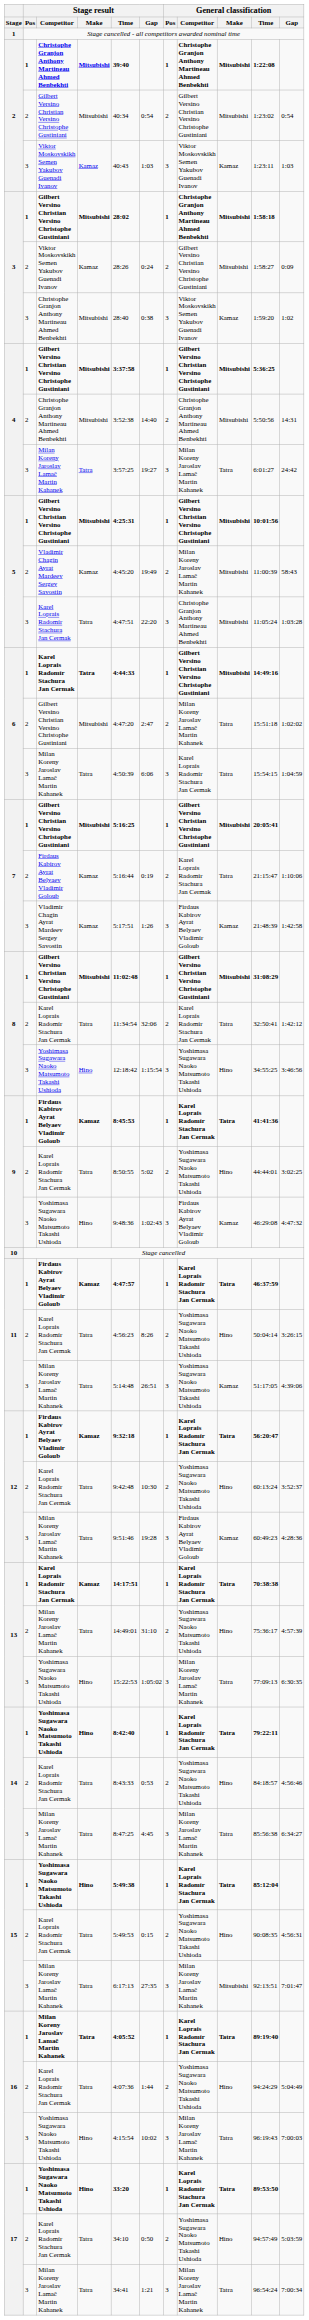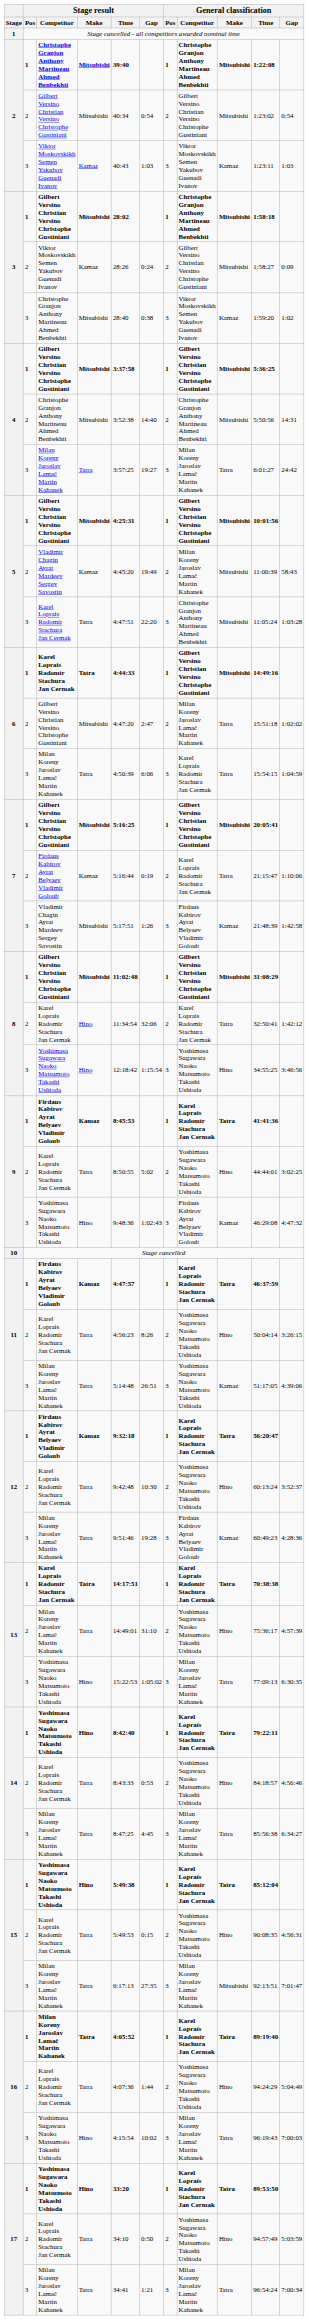 <table class="wikitable" style="font-size:97%;">
 <tr>
 <th></th>
 <th colspan=5><big>Stage result </big></th>
 <th colspan=5><big>General classification</big></th>
 </tr>
 <tr>
 <th width="40px">Stage</th>
 <th width="30px">Pos</th>
 <th width="170px">Competitor</th>
 <th width="50px">Make</th>
 <th width="40px">Time</th>
 <th width="40px">Gap</th>
 <th width="30px">Pos</th>
 <th width="170px">Competitor</th>
 <th width="50px">Make</th>
 <th width="40px">Time</th>
 <th width="40px">Gap</th>
 </tr>
 <tr>
 <th>1</th>
 <td colspan=10 align=center><em>Stage cancelled - all competitors awarded nominal time</em></td>
 </tr>
 <tr>
 <th rowspan=3>2</th>
 <td><strong>1</strong></td>
 <td><strong> <a href='#'>Christophe Granjon</a><br> <a href='#'>Anthony Martineau</a><br> <a href='#'>Ahmed Benbekhti</a></strong></td>
 <td><strong><a href='#'>Mitsubishi</a></strong></td>
 <td><strong>39:40</strong></td>
 <td></td>
 <td><strong>1</strong></td>
 <td><strong> Christophe Granjon<br> Anthony Martineau<br> Ahmed Benbekhti</strong></td>
 <td><strong>Mitsubishi</strong></td>
 <td><strong>1:22:08</strong></td>
 <td></td>
 </tr>
 <tr>
 <td>2</td>
 <td> <a href='#'>Gilbert Versino</a><br> <a href='#'>Christian Versino</a><br> <a href='#'>Christophe Gustiniani</a></td>
 <td>Mitsubishi</td>
 <td>40:34</td>
 <td>0:54</td>
 <td>2</td>
 <td> Gilbert Versino<br> Christian Versino<br> Christophe Gustiniani</td>
 <td>Mitsubishi</td>
 <td>1:23:02</td>
 <td>0:54</td>
 </tr>
 <tr>
 <td>3</td>
 <td> <a href='#'>Viktor Moskovskikh</a><br> <a href='#'>Semen Yakubov</a><br> <a href='#'>Guenadi Ivanov</a></td>
 <td><a href='#'>Kamaz</a></td>
 <td>40:43</td>
 <td>1:03</td>
 <td>3</td>
 <td> Viktor Moskovskikh<br> Semen Yakubov<br> Guenadi Ivanov</td>
 <td>Kamaz</td>
 <td>1:23:11</td>
 <td>1:03</td>
 </tr>
 <tr>
 <th rowspan=3>3</th>
 <td><strong>1</strong></td>
 <td><strong> Gilbert Versino<br> Christian Versino<br> Christophe Gustiniani</strong></td>
 <td><strong>Mitsubishi</strong></td>
 <td><strong>28:02</strong></td>
 <td></td>
 <td><strong>1</strong></td>
 <td><strong> Christophe Granjon<br> Anthony Martineau<br> Ahmed Benbekhti</strong></td>
 <td><strong>Mitsubishi</strong></td>
 <td><strong>1:58:18</strong></td>
 <td></td>
 </tr>
 <tr>
 <td>2</td>
 <td> Viktor Moskovskikh<br> Semen Yakubov<br> Guenadi Ivanov</td>
 <td>Kamaz</td>
 <td>28:26</td>
 <td>0:24</td>
 <td>2</td>
 <td> Gilbert Versino<br> Christian Versino<br> Christophe Gustiniani</td>
 <td>Mitsubishi</td>
 <td>1:58:27</td>
 <td>0:09</td>
 </tr>
 <tr>
 <td>3</td>
 <td> Christophe Granjon<br> Anthony Martineau<br> Ahmed Benbekhti</td>
 <td>Mitsubishi</td>
 <td>28:40</td>
 <td>0:38</td>
 <td>3</td>
 <td> Viktor Moskovskikh<br> Semen Yakubov<br> Guenadi Ivanov</td>
 <td>Kamaz</td>
 <td>1:59:20</td>
 <td>1:02</td>
 </tr>
 <tr>
 <th rowspan=3>4</th>
 <td><strong>1</strong></td>
 <td><strong> Gilbert Versino<br> Christian Versino<br> Christophe Gustiniani</strong></td>
 <td><strong>Mitsubishi</strong></td>
 <td><strong>3:37:58</strong></td>
 <td></td>
 <td><strong>1</strong></td>
 <td><strong> Gilbert Versino<br> Christian Versino<br> Christophe Gustiniani</strong></td>
 <td><strong>Mitsubishi</strong></td>
 <td><strong>5:36:25</strong></td>
 <td></td>
 </tr>
 <tr>
 <td>2</td>
 <td> Christophe Granjon<br> Anthony Martineau<br> Ahmed Benbekhti</td>
 <td>Mitsubishi</td>
 <td>3:52:38</td>
 <td>14:40</td>
 <td>2</td>
 <td> Christophe Granjon<br> Anthony Martineau<br> Ahmed Benbekhti</td>
 <td>Mitsubishi</td>
 <td>5:50:56</td>
 <td>14:31</td>
 </tr>
 <tr>
 <td>3</td>
 <td> <a href='#'>Milan Koreny</a><br> <a href='#'>Jaroslav Lamač</a><br> <a href='#'>Martin Kahanek</a></td>
 <td><a href='#'>Tatra</a></td>
 <td>3:57:25</td>
 <td>19:27</td>
 <td>3</td>
 <td> Milan Koreny<br> Jaroslav Lamač<br> Martin Kahanek</td>
 <td>Tatra</td>
 <td>6:01:27</td>
 <td>24:42</td>
 </tr>
 <tr>
 <th rowspan=3>5</th>
 <td><strong>1</strong></td>
 <td><strong> Gilbert Versino<br> Christian Versino<br> Christophe Gustiniani</strong></td>
 <td><strong>Mitsubishi</strong></td>
 <td><strong>4:25:31</strong></td>
 <td></td>
 <td><strong>1</strong></td>
 <td><strong> Gilbert Versino<br> Christian Versino<br> Christophe Gustiniani</strong></td>
 <td><strong>Mitsubishi</strong></td>
 <td><strong>10:01:56</strong></td>
 <td></td>
 </tr>
 <tr>
 <td>2</td>
 <td> <a href='#'>Vladimir Chagin</a><br> <a href='#'>Ayrat Mardeev</a><br> <a href='#'>Sergey Savostin</a></td>
 <td>Kamaz</td>
 <td>4:45:20</td>
 <td>19:49</td>
 <td>2</td>
 <td> Milan Koreny<br> Jaroslav Lamač<br> Martin Kahanek</td>
 <td>Mitsubishi</td>
 <td>11:00:39</td>
 <td>58:43</td>
 </tr>
 <tr>
 <td>3</td>
 <td> <a href='#'>Karel Loprais</a><br> <a href='#'>Radomír Stachura</a><br> <a href='#'>Jan Cermak</a></td>
 <td>Tatra</td>
 <td>4:47:51</td>
 <td>22:20</td>
 <td>3</td>
 <td> Christophe Granjon<br> Anthony Martineau<br> Ahmed Benbekhti</td>
 <td>Mitsubishi</td>
 <td>11:05:24</td>
 <td>1:03:28</td>
 </tr>
 <tr>
 <th rowspan=3>6</th>
 <td><strong>1</strong></td>
 <td><strong> Karel Loprais<br> Radomír Stachura<br> Jan Cermak</strong></td>
 <td><strong>Tatra</strong></td>
 <td><strong>4:44:33</strong></td>
 <td></td>
 <td><strong>1</strong></td>
 <td><strong> Gilbert Versino<br> Christian Versino<br> Christophe Gustiniani</strong></td>
 <td><strong>Mitsubishi</strong></td>
 <td><strong>14:49:16</strong></td>
 <td></td>
 </tr>
 <tr>
 <td>2</td>
 <td> Gilbert Versino<br> Christian Versino<br> Christophe Gustiniani</td>
 <td>Mitsubishi</td>
 <td>4:47:20</td>
 <td>2:47</td>
 <td>2</td>
 <td> Milan Koreny<br> Jaroslav Lamač<br> Martin Kahanek</td>
 <td>Tatra</td>
 <td>15:51:18</td>
 <td>1:02:02</td>
 </tr>
 <tr>
 <td>3</td>
 <td> Milan Koreny<br> Jaroslav Lamač<br> Martin Kahanek</td>
 <td>Tatra</td>
 <td>4:50:39</td>
 <td>6:06</td>
 <td>3</td>
 <td> Karel Loprais<br> Radomír Stachura<br> Jan Cermak</td>
 <td>Tatra</td>
 <td>15:54:15</td>
 <td>1:04:59</td>
 </tr>
 <tr>
 <th rowspan=3>7</th>
 <td><strong>1</strong></td>
 <td><strong> Gilbert Versino<br> Christian Versino<br> Christophe Gustiniani</strong></td>
 <td><strong>Mitsubishi</strong></td>
 <td><strong>5:16:25</strong></td>
 <td></td>
 <td><strong>1</strong></td>
 <td><strong> Gilbert Versino<br> Christian Versino<br> Christophe Gustiniani</strong></td>
 <td><strong>Mitsubishi</strong></td>
 <td><strong>20:05:41</strong></td>
 <td></td>
 </tr>
 <tr>
 <td>2</td>
 <td> <a href='#'>Firdaus Kabirov</a><br> <a href='#'>Ayrat Belyaev</a><br> <a href='#'>Vladimir Goloub</a></td>
 <td>Kamaz</td>
 <td>5:16:44</td>
 <td>0:19</td>
 <td>2</td>
 <td> Karel Loprais<br> Radomír Stachura<br> Jan Cermak</td>
 <td>Tatra</td>
 <td>21:15:47</td>
 <td>1:10:06</td>
 </tr>
 <tr>
 <td>3</td>
 <td> Vladimir Chagin<br> Ayrat Mardeev<br> Sergey Savostin</td>
-<td>Kamaz</td>
+<td>Mitsubishi</td>
 <td>5:17:51</td>
 <td>1:26</td>
 <td>3</td>
 <td> Firdaus Kabirov<br> Ayrat Belyaev<br> Vladimir Goloub</td>
 <td>Kamaz</td>
 <td>21:48:39</td>
 <td>1:42:58</td>
 </tr>
 <tr>
 <th rowspan=3>8</th>
 <td><strong>1</strong></td>
 <td><strong> Gilbert Versino<br> Christian Versino<br> Christophe Gustiniani</strong></td>
 <td><strong>Mitsubishi</strong></td>
 <td><strong>11:02:48</strong></td>
 <td></td>
 <td><strong>1</strong></td>
 <td><strong> Gilbert Versino<br> Christian Versino<br> Christophe Gustiniani</strong></td>
 <td><strong>Mitsubishi</strong></td>
 <td><strong>31:08:29</strong></td>
 <td></td>
 </tr>
 <tr>
 <td>2</td>
 <td> Karel Loprais<br> Radomír Stachura<br> Jan Cermak</td>
-<td>Tatra</td>
+<td><a href='#'>Hino</a></td>
 <td>11:34:54</td>
 <td>32:06</td>
 <td>2</td>
 <td> Karel Loprais<br> Radomír Stachura<br> Jan Cermak</td>
 <td>Tatra</td>
 <td>32:50:41</td>
 <td>1:42:12</td>
 </tr>
 <tr>
 <td>3</td>
 <td> <a href='#'>Yoshimasa Sugawara</a><br> <a href='#'>Naoko Matsumoto</a><br> <a href='#'>Takashi Ushioda</a></td>
 <td><a href='#'>Hino</a></td>
 <td>12:18:42</td>
 <td>1:15:54</td>
 <td>3</td>
 <td> Yoshimasa Sugawara<br> Naoko Matsumoto<br> Takashi Ushioda</td>
 <td>Hino</td>
 <td>34:55:25</td>
 <td>3:46:56</td>
 </tr>
 <tr>
 <th rowspan=3>9</th>
 <td><strong>1</strong></td>
 <td><strong> Firdaus Kabirov<br> Ayrat Belyaev<br> Vladimir Goloub</strong></td>
 <td><strong>Kamaz</strong></td>
 <td><strong>8:45:53</strong></td>
 <td></td>
 <td><strong>1</strong></td>
 <td><strong> Karel Loprais<br> Radomír Stachura<br> Jan Cermak</strong></td>
 <td><strong>Tatra</strong></td>
 <td><strong>41:41:36</strong></td>
 <td></td>
 </tr>
 <tr>
 <td>2</td>
 <td> Karel Loprais<br> Radomír Stachura<br> Jan Cermak</td>
 <td>Tatra</td>
 <td>8:50:55</td>
 <td>5:02</td>
 <td>2</td>
 <td> Yoshimasa Sugawara<br> Naoko Matsumoto<br> Takashi Ushioda</td>
 <td>Hino</td>
 <td>44:44:01</td>
 <td>3:02:25</td>
 </tr>
 <tr>
 <td>3</td>
 <td> Yoshimasa Sugawara<br> Naoko Matsumoto<br> Takashi Ushioda</td>
 <td>Hino</td>
 <td>9:48:36</td>
 <td>1:02:43</td>
 <td>3</td>
 <td> Firdaus Kabirov<br> Ayrat Belyaev<br> Vladimir Goloub</td>
 <td>Kamaz</td>
 <td>46:29:08</td>
 <td>4:47:32</td>
 </tr>
 <tr>
 <th>10</th>
 <td colspan=10 align=center><em>Stage cancelled</em></td>
 </tr>
 <tr>
 <th rowspan=3>11</th>
 <td><strong>1</strong></td>
 <td><strong> Firdaus Kabirov<br> Ayrat Belyaev<br> Vladimir Goloub</strong></td>
 <td><strong>Kamaz</strong></td>
 <td><strong>4:47:57</strong></td>
 <td></td>
 <td><strong>1</strong></td>
 <td><strong> Karel Loprais<br> Radomír Stachura<br> Jan Cermak</strong></td>
 <td><strong>Tatra</strong></td>
 <td><strong>46:37:59</strong></td>
 <td></td>
 </tr>
 <tr>
 <td>2</td>
 <td> Karel Loprais<br> Radomír Stachura<br> Jan Cermak</td>
 <td>Tatra</td>
 <td>4:56:23</td>
 <td>8:26</td>
 <td>2</td>
 <td> Yoshimasa Sugawara<br> Naoko Matsumoto<br> Takashi Ushioda</td>
 <td>Hino</td>
 <td>50:04:14</td>
 <td>3:26:15</td>
 </tr>
 <tr>
 <td>3</td>
 <td> Milan Koreny<br> Jaroslav Lamač<br> Martin Kahanek</td>
 <td>Tatra</td>
 <td>5:14:48</td>
 <td>26:51</td>
 <td>3</td>
 <td> Yoshimasa Sugawara<br> Naoko Matsumoto<br> Takashi Ushioda</td>
 <td>Kamaz</td>
 <td>51:17:05</td>
 <td>4:39:06</td>
 </tr>
 <tr>
 <th rowspan=3>12</th>
 <td><strong>1</strong></td>
 <td><strong> Firdaus Kabirov<br> Ayrat Belyaev<br> Vladimir Goloub</strong></td>
 <td><strong>Kamaz</strong></td>
 <td><strong>9:32:18</strong></td>
 <td></td>
 <td><strong>1</strong></td>
 <td><strong> Karel Loprais<br> Radomír Stachura<br> Jan Cermak</strong></td>
 <td><strong>Tatra</strong></td>
 <td><strong>56:20:47</strong></td>
 <td></td>
 </tr>
 <tr>
 <td>2</td>
 <td> Karel Loprais<br> Radomír Stachura<br> Jan Cermak</td>
 <td>Tatra</td>
 <td>9:42:48</td>
 <td>10:30</td>
 <td>2</td>
 <td> Yoshimasa Sugawara<br> Naoko Matsumoto<br> Takashi Ushioda</td>
 <td>Hino</td>
 <td>60:13:24</td>
 <td>3:52:37</td>
 </tr>
 <tr>
 <td>3</td>
 <td> Milan Koreny<br> Jaroslav Lamač<br> Martin Kahanek</td>
 <td>Tatra</td>
 <td>9:51:46</td>
 <td>19:28</td>
 <td>3</td>
 <td> Firdaus Kabirov<br> Ayrat Belyaev<br> Vladimir Goloub</td>
 <td>Kamaz</td>
 <td>60:49:23</td>
 <td>4:28:36</td>
 </tr>
 <tr>
 <th rowspan=3>13</th>
 <td><strong>1</strong></td>
 <td><strong> Karel Loprais<br> Radomír Stachura<br> Jan Cermak</strong></td>
-<td><strong>Kamaz</strong></td>
+<td><strong>Tatra</strong></td>
 <td><strong>14:17:51</strong></td>
 <td></td>
 <td><strong>1</strong></td>
 <td><strong> Karel Loprais<br> Radomír Stachura<br> Jan Cermak</strong></td>
 <td><strong>Tatra</strong></td>
 <td><strong>70:38:38</strong></td>
 <td></td>
 </tr>
 <tr>
 <td>2</td>
 <td> Milan Koreny<br> Jaroslav Lamač<br> Martin Kahanek</td>
 <td>Tatra</td>
 <td>14:49:01</td>
 <td>31:10</td>
 <td>2</td>
 <td> Yoshimasa Sugawara<br> Naoko Matsumoto<br> Takashi Ushioda</td>
 <td>Hino</td>
 <td>75:36:17</td>
 <td>4:57:39</td>
 </tr>
 <tr>
 <td>3</td>
 <td> Yoshimasa Sugawara<br> Naoko Matsumoto<br> Takashi Ushioda</td>
 <td>Hino</td>
 <td>15:22:53</td>
 <td>1:05:02</td>
 <td>3</td>
 <td> Milan Koreny<br> Jaroslav Lamač<br> Martin Kahanek</td>
 <td>Tatra</td>
 <td>77:09:13</td>
 <td>6:30:35</td>
 </tr>
 <tr>
 <th rowspan=3>14</th>
 <td><strong>1</strong></td>
 <td><strong> Yoshimasa Sugawara<br> Naoko Matsumoto<br> Takashi Ushioda</strong></td>
 <td><strong>Hino</strong></td>
 <td><strong>8:42:40</strong></td>
 <td></td>
 <td><strong>1</strong></td>
 <td><strong> Karel Loprais<br> Radomír Stachura<br> Jan Cermak</strong></td>
 <td><strong>Tatra</strong></td>
 <td><strong>79:22:11</strong></td>
 <td></td>
 </tr>
 <tr>
 <td>2</td>
 <td> Karel Loprais<br> Radomír Stachura<br> Jan Cermak</td>
 <td>Tatra</td>
 <td>8:43:33</td>
 <td>0:53</td>
 <td>2</td>
 <td> Yoshimasa Sugawara<br> Naoko Matsumoto<br> Takashi Ushioda</td>
 <td>Hino</td>
 <td>84:18:57</td>
 <td>4:56:46</td>
 </tr>
 <tr>
 <td>3</td>
 <td> Milan Koreny<br> Jaroslav Lamač<br> Martin Kahanek</td>
 <td>Tatra</td>
 <td>8:47:25</td>
 <td>4:45</td>
 <td>3</td>
 <td> Milan Koreny<br> Jaroslav Lamač<br> Martin Kahanek</td>
 <td>Tatra</td>
 <td>85:56:38</td>
 <td>6:34:27</td>
 </tr>
 <tr>
 <th rowspan=3>15</th>
 <td><strong>1</strong></td>
 <td><strong> Yoshimasa Sugawara<br> Naoko Matsumoto<br> Takashi Ushioda</strong></td>
 <td><strong>Hino</strong></td>
 <td><strong>5:49:38</strong></td>
 <td></td>
 <td><strong>1</strong></td>
 <td><strong> Karel Loprais<br> Radomír Stachura<br> Jan Cermak</strong></td>
 <td><strong>Tatra</strong></td>
 <td><strong>85:12:04</strong></td>
 <td></td>
 </tr>
 <tr>
 <td>2</td>
 <td> Karel Loprais<br> Radomír Stachura<br> Jan Cermak</td>
 <td>Tatra</td>
 <td>5:49:53</td>
 <td>0:15</td>
 <td>2</td>
 <td> Yoshimasa Sugawara<br> Naoko Matsumoto<br> Takashi Ushioda</td>
 <td>Hino</td>
 <td>90:08:35</td>
 <td>4:56:31</td>
 </tr>
 <tr>
 <td>3</td>
 <td> Milan Koreny<br> Jaroslav Lamač<br> Martin Kahanek</td>
 <td>Tatra</td>
 <td>6:17:13</td>
 <td>27:35</td>
 <td>3</td>
 <td> Milan Koreny<br> Jaroslav Lamač<br> Martin Kahanek</td>
 <td>Mitsubishi</td>
 <td>92:13:51</td>
 <td>7:01:47</td>
 </tr>
 <tr>
 <th rowspan=3>16</th>
 <td><strong>1</strong></td>
 <td><strong> Milan Koreny<br> Jaroslav Lamač<br> Martin Kahanek</strong></td>
 <td><strong>Tatra</strong></td>
 <td><strong>4:05:52</strong></td>
 <td></td>
 <td><strong>1</strong></td>
 <td><strong> Karel Loprais<br> Radomír Stachura<br> Jan Cermak</strong></td>
 <td><strong>Tatra</strong></td>
 <td><strong>89:19:40</strong></td>
 <td></td>
 </tr>
 <tr>
 <td>2</td>
 <td> Karel Loprais<br> Radomír Stachura<br> Jan Cermak</td>
 <td>Tatra</td>
 <td>4:07:36</td>
 <td>1:44</td>
 <td>2</td>
 <td> Yoshimasa Sugawara<br> Naoko Matsumoto<br> Takashi Ushioda</td>
 <td>Hino</td>
 <td>94:24:29</td>
 <td>5:04:49</td>
 </tr>
 <tr>
 <td>3</td>
 <td> Yoshimasa Sugawara<br> Naoko Matsumoto<br> Takashi Ushioda</td>
 <td>Hino</td>
 <td>4:15:54</td>
 <td>10:02</td>
 <td>3</td>
 <td> Milan Koreny<br> Jaroslav Lamač<br> Martin Kahanek</td>
 <td>Tatra</td>
 <td>96:19:43</td>
 <td>7:00:03</td>
 </tr>
 <tr>
 <th rowspan=3>17</th>
 <td><strong>1</strong></td>
 <td><strong> Yoshimasa Sugawara<br> Naoko Matsumoto<br> Takashi Ushioda</strong></td>
 <td><strong>Hino</strong></td>
 <td><strong>33:20</strong></td>
 <td></td>
 <td><strong>1</strong></td>
 <td><strong> Karel Loprais<br> Radomír Stachura<br> Jan Cermak</strong></td>
 <td><strong>Tatra</strong></td>
 <td><strong>89:53:50</strong></td>
 <td></td>
 </tr>
 <tr>
 <td>2</td>
 <td> Karel Loprais<br> Radomír Stachura<br> Jan Cermak</td>
 <td>Tatra</td>
 <td>34:10</td>
 <td>0:50</td>
 <td>2</td>
 <td> Yoshimasa Sugawara<br> Naoko Matsumoto<br> Takashi Ushioda</td>
 <td>Hino</td>
 <td>94:57:49</td>
 <td>5:03:59</td>
 </tr>
 <tr>
 <td>3</td>
 <td> Milan Koreny<br> Jaroslav Lamač<br> Martin Kahanek</td>
 <td>Tatra</td>
 <td>34:41</td>
 <td>1:21</td>
 <td>3</td>
 <td> Milan Koreny<br> Jaroslav Lamač<br> Martin Kahanek</td>
 <td>Tatra</td>
 <td>96:54:24</td>
 <td>7:00:34</td>
 </tr>
 </table>
